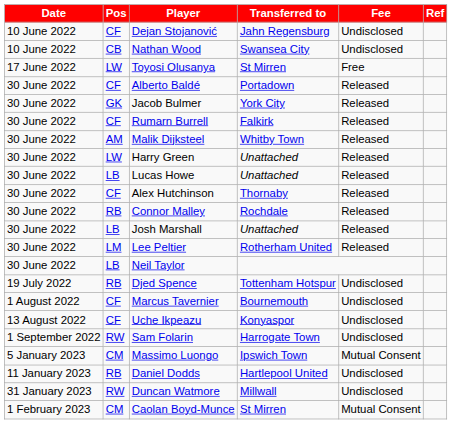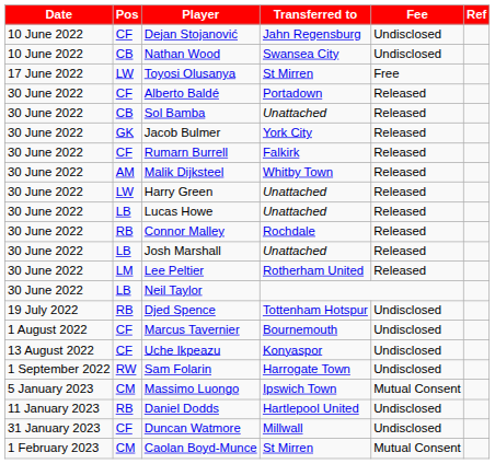 <table class="wikitable plainrowheaders sortable">
 <tr>
 <th style="background:#FF0000; color:#FFFFFF; ">Date</th>
 <th style="background:#FF0000; color:#FFFFFF; ">Pos</th>
 <th style="background:#FF0000; color:#FFFFFF; ">Player</th>
 <th style="background:#FF0000; color:#FFFFFF; ">Transferred to</th>
 <th style="background:#FF0000; color:#FFFFFF; ">Fee</th>
 <th style="background:#FF0000; color:#FFFFFF; ">Ref</th>
 </tr>
 <tr>
 <td>10 June 2022</td>
 <td><a href='#'>CF</a></td>
 <td> <a href='#'>Dejan Stojanović</a></td>
 <td> <a href='#'>Jahn Regensburg</a></td>
 <td>Undisclosed</td>
 <td></td>
 </tr>
 <tr>
 <td>10 June 2022</td>
 <td><a href='#'>CB</a></td>
 <td> <a href='#'>Nathan Wood</a></td>
 <td> <a href='#'>Swansea City</a></td>
 <td>Undisclosed</td>
 <td></td>
 </tr>
 <tr>
 <td>17 June 2022</td>
 <td><a href='#'>LW</a></td>
 <td> <a href='#'>Toyosi Olusanya</a></td>
 <td> <a href='#'>St Mirren</a></td>
 <td>Free</td>
 <td></td>
 </tr>
 <tr>
 <td>30 June 2022</td>
 <td><a href='#'>CF</a></td>
 <td> <a href='#'>Alberto Baldé</a></td>
 <td> <a href='#'>Portadown</a></td>
 <td>Released</td>
 <td></td>
 </tr>
 <tr>
 <td>30 June 2022</td>
+<td><a href='#'>CB</a></td>
+<td> <a href='#'>Sol Bamba</a></td>
+<td> <em>Unattached</em></td>
+<td>Released</td>
+<td></td>
+</tr>
+<tr>
+<td>30 June 2022</td>
 <td><a href='#'>GK</a></td>
 <td> Jacob Bulmer</td>
 <td> <a href='#'>York City</a></td>
 <td>Released</td>
 <td></td>
 </tr>
 <tr>
 <td>30 June 2022</td>
 <td><a href='#'>CF</a></td>
 <td> <a href='#'>Rumarn Burrell</a></td>
 <td> <a href='#'>Falkirk</a></td>
 <td>Released</td>
 <td></td>
 </tr>
 <tr>
 <td>30 June 2022</td>
 <td><a href='#'>AM</a></td>
 <td> <a href='#'>Malik Dijksteel</a></td>
 <td> <a href='#'>Whitby Town</a></td>
 <td>Released</td>
 <td></td>
 </tr>
 <tr>
 <td>30 June 2022</td>
 <td><a href='#'>LW</a></td>
 <td> Harry Green</td>
 <td> <em>Unattached</em></td>
 <td>Released</td>
 <td></td>
 </tr>
 <tr>
 <td>30 June 2022</td>
 <td><a href='#'>LB</a></td>
 <td> Lucas Howe</td>
 <td> <em>Unattached</em></td>
-<td>Released</td>
-<td></td>
-</tr>
-<tr>
-<td>30 June 2022</td>
-<td><a href='#'>CF</a></td>
-<td> Alex Hutchinson</td>
-<td> <a href='#'>Thornaby</a></td>
 <td>Released</td>
 <td></td>
 </tr>
 <tr>
 <td>30 June 2022</td>
 <td><a href='#'>RB</a></td>
 <td> <a href='#'>Connor Malley</a></td>
 <td> <a href='#'>Rochdale</a></td>
 <td>Released</td>
 <td></td>
 </tr>
 <tr>
 <td>30 June 2022</td>
 <td><a href='#'>LB</a></td>
 <td> Josh Marshall</td>
 <td> <em>Unattached</em></td>
 <td>Released</td>
 <td></td>
 </tr>
 <tr>
 <td>30 June 2022</td>
 <td><a href='#'>LM</a></td>
 <td> <a href='#'>Lee Peltier</a></td>
 <td> <a href='#'>Rotherham United</a></td>
 <td>Released</td>
 <td></td>
 </tr>
 <tr>
 <td>30 June 2022</td>
 <td><a href='#'>LB</a></td>
 <td> <a href='#'>Neil Taylor</a></td>
 <td colspan="2"></td>
 <td></td>
 </tr>
 <tr>
 <td>19 July 2022</td>
 <td><a href='#'>RB</a></td>
 <td> <a href='#'>Djed Spence</a></td>
 <td> <a href='#'>Tottenham Hotspur</a></td>
 <td>Undisclosed</td>
 <td></td>
 </tr>
 <tr>
 <td>1 August 2022</td>
 <td><a href='#'>CF</a></td>
 <td> <a href='#'>Marcus Tavernier</a></td>
 <td> <a href='#'>Bournemouth</a></td>
 <td>Undisclosed</td>
 <td></td>
 </tr>
 <tr>
 <td>13 August 2022</td>
 <td><a href='#'>CF</a></td>
 <td> <a href='#'>Uche Ikpeazu</a></td>
 <td> <a href='#'>Konyaspor</a></td>
 <td>Undisclosed</td>
 <td></td>
 </tr>
 <tr>
 <td>1 September 2022</td>
 <td><a href='#'>RW</a></td>
 <td> <a href='#'>Sam Folarin</a></td>
 <td> <a href='#'>Harrogate Town</a></td>
 <td>Undisclosed</td>
 <td></td>
 </tr>
 <tr>
 <td>5 January 2023</td>
 <td><a href='#'>CM</a></td>
 <td> <a href='#'>Massimo Luongo</a></td>
 <td> <a href='#'>Ipswich Town</a></td>
 <td>Mutual Consent</td>
 <td></td>
 </tr>
 <tr>
 <td>11 January 2023</td>
 <td><a href='#'>RB</a></td>
 <td> <a href='#'>Daniel Dodds</a></td>
 <td> <a href='#'>Hartlepool United</a></td>
 <td>Undisclosed</td>
 <td></td>
 </tr>
 <tr>
 <td>31 January 2023</td>
-<td><a href='#'>RW</a></td>
+<td><a href='#'>CF</a></td>
 <td> <a href='#'>Duncan Watmore</a></td>
 <td> <a href='#'>Millwall</a></td>
 <td>Undisclosed</td>
 <td></td>
 </tr>
 <tr>
 <td>1 February 2023</td>
 <td><a href='#'>CM</a></td>
 <td> <a href='#'>Caolan Boyd-Munce</a></td>
 <td> <a href='#'>St Mirren</a></td>
 <td>Mutual Consent</td>
 <td></td>
 </tr>
 </table>
